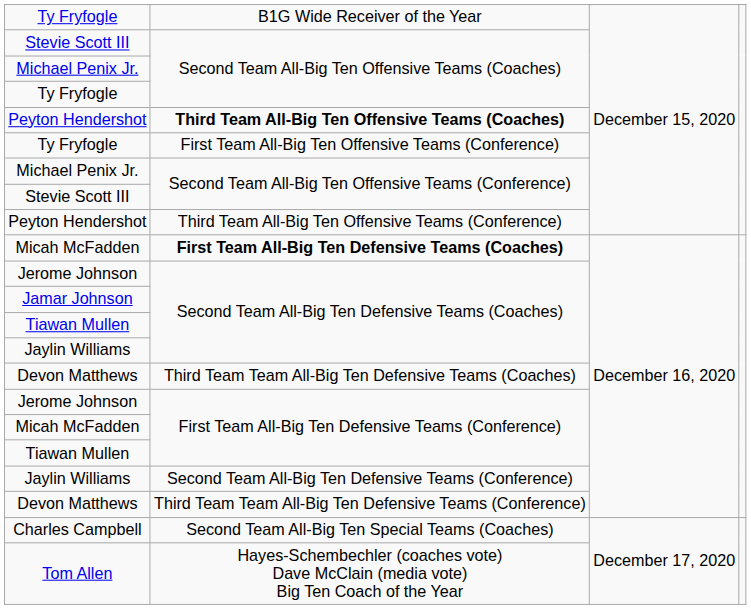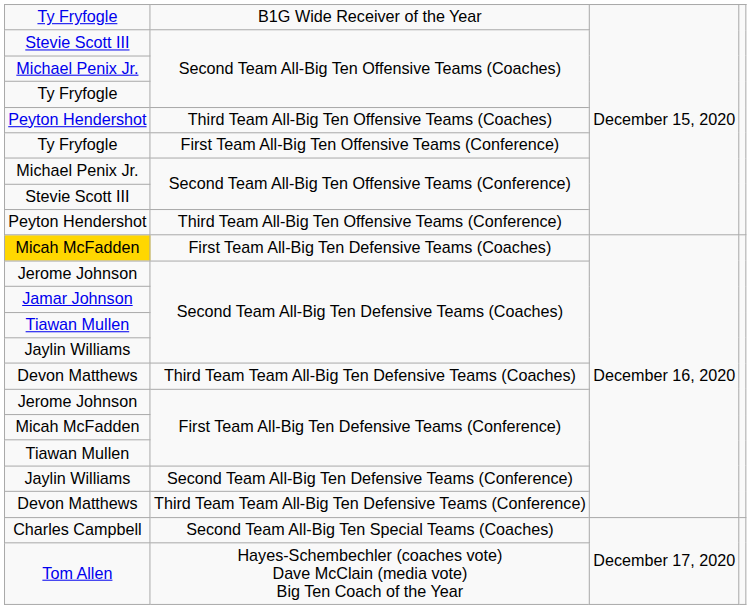 <table class="wikitable sortable sortable" style="text-align: center">
 <tr align=center>
 </tr>
 <tr>
 <td><a href='#'>Ty Fryfogle</a></td>
 <td>B1G Wide Receiver of the Year</td>
 <td rowspan="9">December 15, 2020</td>
 <td rowspan="9"></td>
 </tr>
 <tr>
 <td><a href='#'>Stevie Scott III</a></td>
 <td rowspan="3">Second Team All-Big Ten Offensive Teams (Coaches)</td>
 </tr>
 <tr>
 <td><a href='#'>Michael Penix Jr.</a></td>
 </tr>
 <tr>
 <td>Ty Fryfogle</td>
 </tr>
 <tr>
 <td><a href='#'>Peyton Hendershot</a></td>
-<td><strong>Third Team All-Big Ten Offensive Teams (Coaches)</strong></td>
+<td>Third Team All-Big Ten Offensive Teams (Coaches)</td>
 </tr>
 <tr>
 <td>Ty Fryfogle</td>
 <td>First Team All-Big Ten Offensive Teams (Conference)</td>
 </tr>
 <tr>
 <td>Michael Penix Jr.</td>
 <td rowspan="2">Second Team All-Big Ten Offensive Teams (Conference)</td>
 </tr>
 <tr>
 <td>Stevie Scott III</td>
 </tr>
 <tr>
 <td>Peyton Hendershot</td>
 <td>Third Team All-Big Ten Offensive Teams (Conference)</td>
 </tr>
 <tr>
-<td>Micah McFadden</td>
-<td><strong>First Team All-Big Ten Defensive Teams (Coaches)</strong></td>
+<td style="background: gold;">Micah McFadden</td>
+<td>First Team All-Big Ten Defensive Teams (Coaches)</td>
 <td rowspan="11">December 16, 2020</td>
 <td rowspan="11"></td>
 </tr>
 <tr>
 <td>Jerome Johnson</td>
 <td rowspan="4">Second Team All-Big Ten Defensive Teams (Coaches)</td>
 </tr>
 <tr>
 <td><a href='#'>Jamar Johnson</a></td>
 </tr>
 <tr>
 <td><a href='#'>Tiawan Mullen</a></td>
 </tr>
 <tr>
 <td>Jaylin Williams</td>
 </tr>
 <tr>
 <td>Devon Matthews</td>
 <td>Third Team Team All-Big Ten Defensive Teams (Coaches)</td>
 </tr>
 <tr>
 <td>Jerome Johnson</td>
 <td rowspan="3">First Team All-Big Ten Defensive Teams (Conference)</td>
 </tr>
 <tr>
 <td>Micah McFadden</td>
 </tr>
 <tr>
 <td>Tiawan Mullen</td>
 </tr>
 <tr>
 <td>Jaylin Williams</td>
 <td>Second Team All-Big Ten Defensive Teams (Conference)</td>
 </tr>
 <tr>
 <td>Devon Matthews</td>
 <td>Third Team Team All-Big Ten Defensive Teams (Conference)</td>
 </tr>
 <tr>
 <td>Charles Campbell</td>
 <td>Second Team All-Big Ten Special Teams (Coaches)</td>
 <td rowspan="2">December 17, 2020</td>
 <td rowspan="2"></td>
 </tr>
 <tr>
 <td><a href='#'>Tom Allen</a></td>
 <td>Hayes-Schembechler (coaches vote) <br> Dave McClain (media vote) <br> Big Ten Coach of the Year</td>
 </tr>
 </table>
